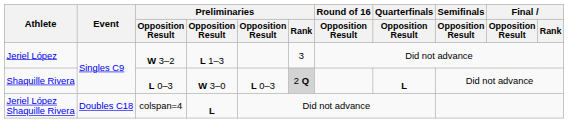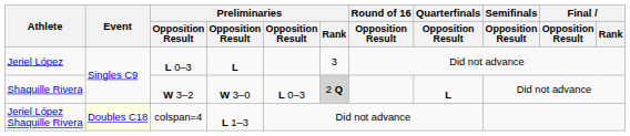 <table class=wikitable style="font-size:90%">
 <tr>
 <th rowspan="2">Athlete</th>
 <th rowspan="2">Event</th>
 <th colspan="4">Preliminaries</th>
 <th>Round of 16</th>
 <th>Quarterfinals</th>
 <th>Semifinals</th>
 <th colspan="2">Final / </th>
 </tr>
 <tr style="font-size:95%">
 <th>Opposition<br>Result</th>
 <th>Opposition<br>Result</th>
 <th>Opposition<br>Result</th>
 <th>Rank</th>
 <th>Opposition<br>Result</th>
 <th>Opposition<br>Result</th>
 <th>Opposition<br>Result</th>
 <th>Opposition<br>Result</th>
 <th>Rank</th>
 </tr>
 <tr align=center>
 <td align=left><a href='#'>Jeriel López</a></td>
 <td align=left rowspan=2><a href='#'>Singles C9</a></td>
-<td><br><strong>W</strong> 3–2</td>
-<td><br><strong>L</strong> 1–3</td>
+<td><br><strong>L</strong> 0–3</td>
+<td><br><strong>L</strong> </td>
 <td></td>
 <td>3</td>
 <td colspan=5>Did not advance</td>
 </tr>
 <tr align=center>
 <td align=left><a href='#'>Shaquille Rivera</a></td>
-<td><br><strong>L</strong> 0–3</td>
+<td><br><strong>W</strong> 3–2</td>
 <td><br><strong>W</strong> 3–0</td>
 <td><br><strong>L</strong> 0–3</td>
 <td style="background: lightgrey;">2 <strong>Q</strong></td>
 <td></td>
 <td><br><strong>L</strong> </td>
 <td colspan=3>Did not advance</td>
 </tr>
 <tr align=center>
 <td align=left><a href='#'>Jeriel López</a><br><a href='#'>Shaquille Rivera</a></td>
-<td align=left><a href='#'>Doubles C18</a></td>
+<td align=left style="background: lightyellow;"><a href='#'>Doubles C18</a></td>
 <td>colspan=4 </td>
-<td><br><strong>L</strong> </td>
+<td><br><strong>L</strong> 1–3</td>
 <td colspan=4>Did not advance</td>
 </tr>
 </table>
